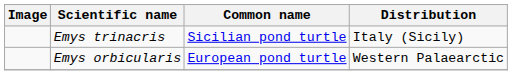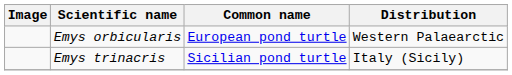 <table class="wikitable">
 <tr>
 <th>Image</th>
 <th>Scientific name</th>
 <th>Common name</th>
 <th>Distribution</th>
 </tr>
 <tr>
 <td></td>
+<td><em>Emys orbicularis</em> </td>
+<td><a href='#'>European pond turtle</a></td>
+<td>Western Palaearctic</td>
+</tr>
+<tr>
+<td></td>
 <td><em>Emys trinacris</em> </td>
 <td><a href='#'>Sicilian pond turtle</a></td>
 <td>Italy (Sicily)</td>
 </tr>
 <tr>
-<td></td>
-<td><em>Emys orbicularis</em> </td>
-<td><a href='#'>European pond turtle</a></td>
-<td>Western Palaearctic</td>
-</tr>
-<tr>
 </tr>
 </table>
